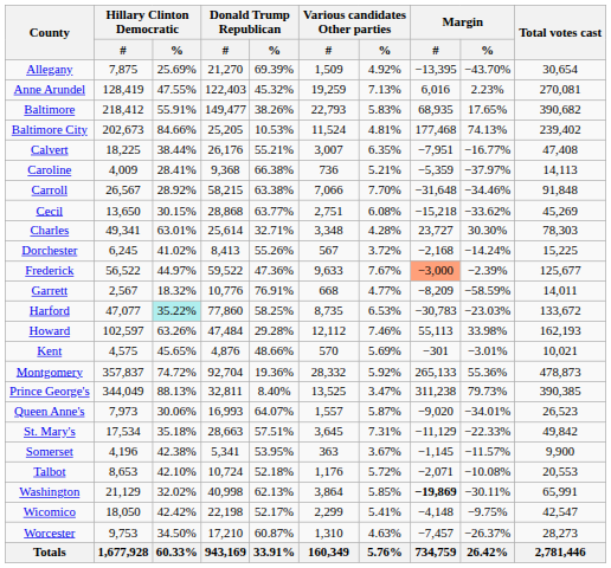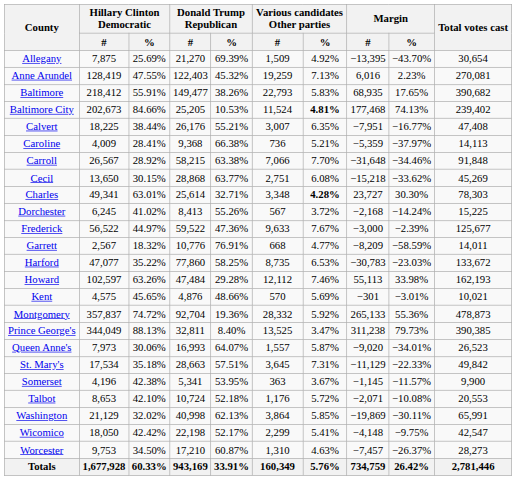 <table width="60%" class="wikitable sortable">
 <tr>
 <th rowspan="2">County</th>
 <th colspan="2">Hillary Clinton<br>Democratic</th>
 <th colspan="2">Donald Trump<br>Republican</th>
 <th colspan="2">Various candidates<br>Other parties</th>
 <th colspan="2">Margin</th>
 <th rowspan="2">Total votes cast</th>
 </tr>
 <tr>
 <th style="text-align:center;" data-sort-type="number">#</th>
 <th style="text-align:center;" data-sort-type="number">%</th>
 <th style="text-align:center;" data-sort-type="number">#</th>
 <th style="text-align:center;" data-sort-type="number">%</th>
 <th style="text-align:center;" data-sort-type="number">#</th>
 <th style="text-align:center;" data-sort-type="number">%</th>
 <th style="text-align:center;" data-sort-type="number">#</th>
 <th style="text-align:center;" data-sort-type="number">%</th>
 </tr>
 <tr style="text-align:center;">
 <td><a href='#'>Allegany</a></td>
 <td>7,875</td>
 <td>25.69%</td>
 <td>21,270</td>
 <td>69.39%</td>
 <td>1,509</td>
 <td>4.92%</td>
 <td>−13,395</td>
 <td>−43.70%</td>
 <td>30,654</td>
 </tr>
 <tr style="text-align:center;">
 <td><a href='#'>Anne Arundel</a></td>
 <td>128,419</td>
 <td>47.55%</td>
 <td>122,403</td>
 <td>45.32%</td>
 <td>19,259</td>
 <td>7.13%</td>
 <td>6,016</td>
 <td>2.23%</td>
 <td>270,081</td>
 </tr>
 <tr style="text-align:center;">
 <td><a href='#'>Baltimore</a></td>
 <td>218,412</td>
 <td>55.91%</td>
 <td>149,477</td>
 <td>38.26%</td>
 <td>22,793</td>
 <td>5.83%</td>
 <td>68,935</td>
 <td>17.65%</td>
 <td>390,682</td>
 </tr>
 <tr style="text-align:center;">
 <td><a href='#'>Baltimore City</a></td>
 <td>202,673</td>
 <td>84.66%</td>
 <td>25,205</td>
 <td>10.53%</td>
 <td>11,524</td>
-<td>4.81%</td>
+<td><strong>4.81%</strong></td>
 <td>177,468</td>
 <td>74.13%</td>
 <td>239,402</td>
 </tr>
 <tr style="text-align:center;">
 <td><a href='#'>Calvert</a></td>
 <td>18,225</td>
 <td>38.44%</td>
 <td>26,176</td>
 <td>55.21%</td>
 <td>3,007</td>
 <td>6.35%</td>
 <td>−7,951</td>
 <td>−16.77%</td>
 <td>47,408</td>
 </tr>
 <tr style="text-align:center;">
 <td><a href='#'>Caroline</a></td>
 <td>4,009</td>
 <td>28.41%</td>
 <td>9,368</td>
 <td>66.38%</td>
 <td>736</td>
 <td>5.21%</td>
 <td>−5,359</td>
 <td>−37.97%</td>
 <td>14,113</td>
 </tr>
 <tr style="text-align:center;">
 <td><a href='#'>Carroll</a></td>
 <td>26,567</td>
 <td>28.92%</td>
 <td>58,215</td>
 <td>63.38%</td>
 <td>7,066</td>
 <td>7.70%</td>
 <td>−31,648</td>
 <td>−34.46%</td>
 <td>91,848</td>
 </tr>
 <tr style="text-align:center;">
 <td><a href='#'>Cecil</a></td>
 <td>13,650</td>
 <td>30.15%</td>
 <td>28,868</td>
 <td>63.77%</td>
 <td>2,751</td>
 <td>6.08%</td>
 <td>−15,218</td>
 <td>−33.62%</td>
 <td>45,269</td>
 </tr>
 <tr style="text-align:center;">
 <td><a href='#'>Charles</a></td>
 <td>49,341</td>
 <td>63.01%</td>
 <td>25,614</td>
 <td>32.71%</td>
 <td>3,348</td>
-<td>4.28%</td>
+<td><strong>4.28%</strong></td>
 <td>23,727</td>
 <td>30.30%</td>
 <td>78,303</td>
 </tr>
 <tr style="text-align:center;">
 <td><a href='#'>Dorchester</a></td>
 <td>6,245</td>
 <td>41.02%</td>
 <td>8,413</td>
 <td>55.26%</td>
 <td>567</td>
 <td>3.72%</td>
 <td>−2,168</td>
 <td>−14.24%</td>
 <td>15,225</td>
 </tr>
 <tr style="text-align:center;">
 <td><a href='#'>Frederick</a></td>
 <td>56,522</td>
 <td>44.97%</td>
 <td>59,522</td>
 <td>47.36%</td>
 <td>9,633</td>
 <td>7.67%</td>
-<td style="background: lightsalmon;">−3,000</td>
+<td>−3,000</td>
 <td>−2.39%</td>
 <td>125,677</td>
 </tr>
 <tr style="text-align:center;">
 <td><a href='#'>Garrett</a></td>
 <td>2,567</td>
 <td>18.32%</td>
 <td>10,776</td>
 <td>76.91%</td>
 <td>668</td>
 <td>4.77%</td>
 <td>−8,209</td>
 <td>−58.59%</td>
 <td>14,011</td>
 </tr>
 <tr style="text-align:center;">
 <td><a href='#'>Harford</a></td>
 <td>47,077</td>
-<td style="background: paleturquoise;">35.22%</td>
+<td>35.22%</td>
 <td>77,860</td>
 <td>58.25%</td>
 <td>8,735</td>
 <td>6.53%</td>
 <td>−30,783</td>
 <td>−23.03%</td>
 <td>133,672</td>
 </tr>
 <tr style="text-align:center;">
 <td><a href='#'>Howard</a></td>
 <td>102,597</td>
 <td>63.26%</td>
 <td>47,484</td>
 <td>29.28%</td>
 <td>12,112</td>
 <td>7.46%</td>
 <td>55,113</td>
 <td>33.98%</td>
 <td>162,193</td>
 </tr>
 <tr style="text-align:center;">
 <td><a href='#'>Kent</a></td>
 <td>4,575</td>
 <td>45.65%</td>
 <td>4,876</td>
 <td>48.66%</td>
 <td>570</td>
 <td>5.69%</td>
 <td>−301</td>
 <td>−3.01%</td>
 <td>10,021</td>
 </tr>
 <tr style="text-align:center;">
 <td><a href='#'>Montgomery</a></td>
 <td>357,837</td>
 <td>74.72%</td>
 <td>92,704</td>
 <td>19.36%</td>
 <td>28,332</td>
 <td>5.92%</td>
 <td>265,133</td>
 <td>55.36%</td>
 <td>478,873</td>
 </tr>
 <tr style="text-align:center;">
 <td><a href='#'>Prince George's</a></td>
 <td>344,049</td>
 <td>88.13%</td>
 <td>32,811</td>
 <td>8.40%</td>
 <td>13,525</td>
 <td>3.47%</td>
 <td>311,238</td>
 <td>79.73%</td>
 <td>390,385</td>
 </tr>
 <tr style="text-align:center;">
 <td><a href='#'>Queen Anne's</a></td>
 <td>7,973</td>
 <td>30.06%</td>
 <td>16,993</td>
 <td>64.07%</td>
 <td>1,557</td>
 <td>5.87%</td>
 <td>−9,020</td>
 <td>−34.01%</td>
 <td>26,523</td>
 </tr>
 <tr style="text-align:center;">
 <td><a href='#'>St. Mary's</a></td>
 <td>17,534</td>
 <td>35.18%</td>
 <td>28,663</td>
 <td>57.51%</td>
 <td>3,645</td>
 <td>7.31%</td>
 <td>−11,129</td>
 <td>−22.33%</td>
 <td>49,842</td>
 </tr>
 <tr style="text-align:center;">
 <td><a href='#'>Somerset</a></td>
 <td>4,196</td>
 <td>42.38%</td>
 <td>5,341</td>
 <td>53.95%</td>
 <td>363</td>
 <td>3.67%</td>
 <td>−1,145</td>
 <td>−11.57%</td>
 <td>9,900</td>
 </tr>
 <tr style="text-align:center;">
 <td><a href='#'>Talbot</a></td>
 <td>8,653</td>
 <td>42.10%</td>
 <td>10,724</td>
 <td>52.18%</td>
 <td>1,176</td>
 <td>5.72%</td>
 <td>−2,071</td>
 <td>−10.08%</td>
 <td>20,553</td>
 </tr>
 <tr style="text-align:center;">
 <td><a href='#'>Washington</a></td>
 <td>21,129</td>
 <td>32.02%</td>
 <td>40,998</td>
 <td>62.13%</td>
 <td>3,864</td>
 <td>5.85%</td>
-<td><strong>−19,869</strong></td>
+<td>−19,869</td>
 <td>−30.11%</td>
 <td>65,991</td>
 </tr>
 <tr style="text-align:center;">
 <td><a href='#'>Wicomico</a></td>
 <td>18,050</td>
 <td>42.42%</td>
 <td>22,198</td>
 <td>52.17%</td>
 <td>2,299</td>
 <td>5.41%</td>
 <td>−4,148</td>
 <td>−9.75%</td>
 <td>42,547</td>
 </tr>
 <tr style="text-align:center;">
 <td><a href='#'>Worcester</a></td>
 <td>9,753</td>
 <td>34.50%</td>
 <td>17,210</td>
 <td>60.87%</td>
 <td>1,310</td>
 <td>4.63%</td>
 <td>−7,457</td>
 <td>−26.37%</td>
 <td>28,273</td>
 </tr>
 <tr style="text-align:center;">
 <th>Totals</th>
 <th>1,677,928</th>
 <th>60.33%</th>
 <th>943,169</th>
 <th>33.91%</th>
 <th>160,349</th>
 <th>5.76%</th>
 <th>734,759</th>
 <th>26.42%</th>
 <th>2,781,446</th>
 </tr>
 </table>
